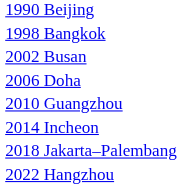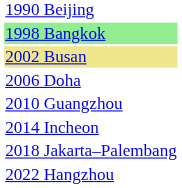 <table>
 <tr>
 <td><a href='#'>1990 Beijing</a></td>
 <td></td>
 <td></td>
 <td></td>
 </tr>
 <tr>
-<td><a href='#'>1998 Bangkok</a></td>
+<td style="background: lightgreen;"><a href='#'>1998 Bangkok</a></td>
 <td></td>
 <td></td>
 <td></td>
 </tr>
 <tr>
-<td><a href='#'>2002 Busan</a></td>
+<td style="background: khaki;"><a href='#'>2002 Busan</a></td>
 <td></td>
 <td></td>
 <td></td>
 </tr>
 <tr>
 <td rowspan=2><a href='#'>2006 Doha</a></td>
 <td rowspan=2></td>
 <td rowspan=2></td>
 <td></td>
 </tr>
 <tr>
 <td></td>
 </tr>
 <tr>
 <td rowspan=2><a href='#'>2010 Guangzhou</a></td>
 <td rowspan=2></td>
 <td rowspan=2></td>
 <td></td>
 </tr>
 <tr>
 <td></td>
 </tr>
 <tr>
 <td rowspan=2><a href='#'>2014 Incheon</a></td>
 <td rowspan=2></td>
 <td rowspan=2></td>
 <td></td>
 </tr>
 <tr>
 <td></td>
 </tr>
 <tr>
 <td rowspan=2><a href='#'>2018 Jakarta–Palembang</a></td>
 <td rowspan=2></td>
 <td rowspan=2></td>
 <td></td>
 </tr>
 <tr>
 <td></td>
 </tr>
 <tr>
 <td rowspan=2><a href='#'>2022 Hangzhou</a></td>
 <td rowspan=2></td>
 <td rowspan=2></td>
 <td></td>
 </tr>
 <tr>
 <td></td>
 </tr>
 </table>
